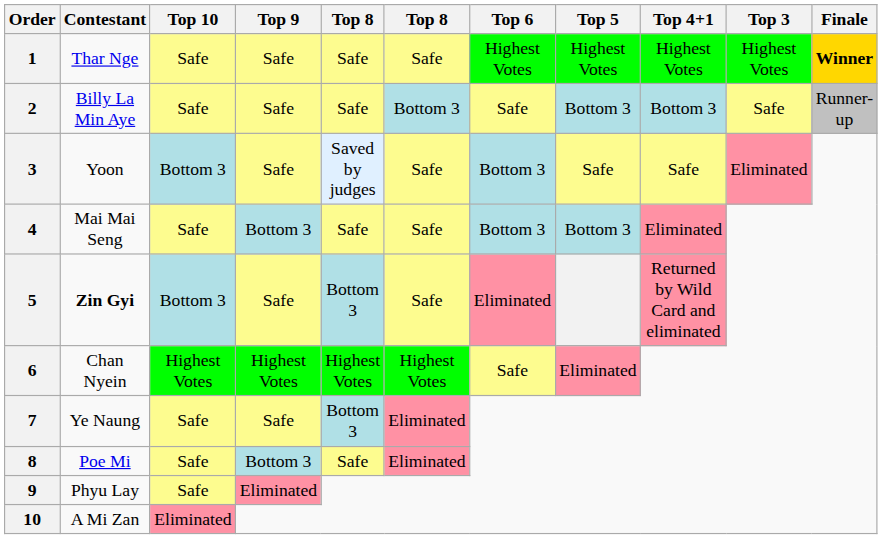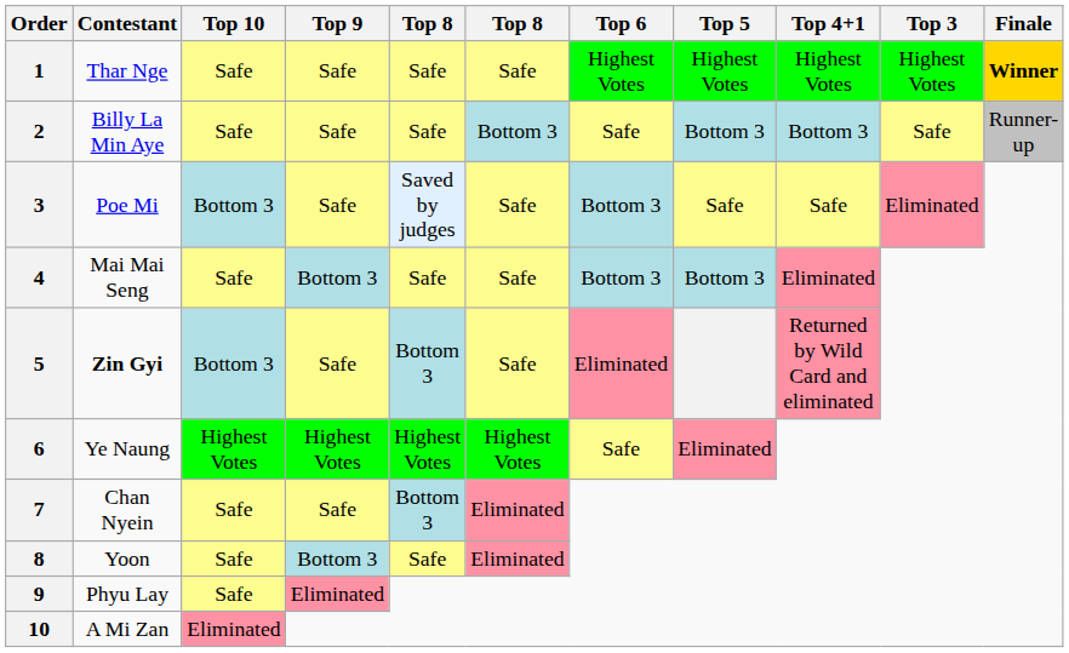 <table class="wikitable nowrap" style="text-align:center; font-size:95%; width:100%;">
 <tr>
 <th scope="col">Order</th>
 <th scope="col">Contestant</th>
 <th scope="col">Top 10</th>
 <th scope="col">Top 9</th>
 <th scope="col">Top 8</th>
 <th scope="col">Top 8</th>
 <th scope="col">Top 6</th>
 <th scope="col">Top 5</th>
 <th scope="col">Top 4+1</th>
 <th scope="col">Top 3</th>
 <th scope="col">Finale</th>
 </tr>
 <tr>
 <th>1</th>
 <td><a href='#'>Thar Nge</a></td>
 <td style="background:#FDFC8F;">Safe</td>
 <td style="background:#FDFC8F;">Safe</td>
 <td style="background:#FDFC8F;">Safe</td>
 <td style="background:#FDFC8F;">Safe</td>
 <td style="background:#00FF00;">Highest Votes</td>
 <td style="background:#00FF00;">Highest Votes</td>
 <td style="background:#00FF00;">Highest Votes</td>
 <td style="background:#00FF00;">Highest Votes</td>
 <td style="background:gold;"><strong>Winner</strong></td>
 </tr>
 <tr>
 <th>2</th>
 <td><a href='#'>Billy La Min Aye</a></td>
 <td style="background:#FDFC8F;">Safe</td>
 <td style="background:#FDFC8F;">Safe</td>
 <td style="background:#FDFC8F;">Safe</td>
 <td style="background:#B0E0E6;">Bottom 3</td>
 <td style="background:#FDFC8F;">Safe</td>
 <td style="background:#B0E0E6;">Bottom 3</td>
 <td style="background:#B0E0E6;">Bottom 3</td>
 <td style="background:#FDFC8F;">Safe</td>
 <td style="background:silver;">Runner-up</td>
 </tr>
 <tr>
 <th>3</th>
-<td>Yoon</td>
+<td><a href='#'>Poe Mi</a></td>
 <td style="background:#B0E0E6;">Bottom 3</td>
 <td style="background:#FDFC8F;">Safe</td>
 <td style="background:#e0f0ff;">Saved by judges</td>
 <td style="background:#FDFC8F;">Safe</td>
 <td style="background:#B0E0E6;">Bottom 3</td>
 <td style="background:#FDFC8F;">Safe</td>
 <td style="background:#FDFC8F;">Safe</td>
 <td style="background:#FF91A4;">Eliminated</td>
 </tr>
 <tr>
 <th>4</th>
 <td>Mai Mai Seng</td>
 <td style="background:#FDFC8F;">Safe</td>
 <td style="background:#B0E0E6;">Bottom 3</td>
 <td style="background:#FDFC8F;">Safe</td>
 <td style="background:#FDFC8F;">Safe</td>
 <td style="background:#B0E0E6;">Bottom 3</td>
 <td style="background:#B0E0E6;">Bottom 3</td>
 <td style="background:#FF91A4;">Eliminated</td>
 </tr>
 <tr>
 <th>5</th>
 <td><strong>Zin Gyi</strong></td>
 <td style="background:#B0E0E6;">Bottom 3</td>
 <td style="background:#FDFC8F;">Safe</td>
 <td style="background:#B0E0E6;">Bottom 3</td>
 <td style="background:#FDFC8F;">Safe</td>
 <td style="background:#FF91A4;">Eliminated</td>
 <th></th>
 <td style="background:#FF91A4;">Returned by Wild Card and eliminated</td>
 </tr>
 <tr>
 <th>6</th>
-<td>Chan Nyein</td>
+<td>Ye Naung</td>
 <td style="background:#00FF00;">Highest Votes</td>
 <td style="background:#00FF00;">Highest Votes</td>
 <td style="background:#00FF00;">Highest Votes</td>
 <td style="background:#00FF00;">Highest Votes</td>
 <td style="background:#FDFC8F;">Safe</td>
 <td style="background:#FF91A4;">Eliminated</td>
 </tr>
 <tr>
 <th>7</th>
-<td>Ye Naung</td>
+<td>Chan Nyein</td>
 <td style="background:#FDFC8F;">Safe</td>
 <td style="background:#FDFC8F;">Safe</td>
 <td style="background:#B0E0E6;">Bottom 3</td>
 <td style="background:#FF91A4;">Eliminated</td>
 </tr>
 <tr>
 <th>8</th>
-<td><a href='#'>Poe Mi</a></td>
+<td>Yoon</td>
 <td style="background:#FDFC8F;">Safe</td>
 <td style="background:#B0E0E6;">Bottom 3</td>
 <td style="background:#FDFC8F;">Safe</td>
 <td style="background:#FF91A4;">Eliminated</td>
 </tr>
 <tr>
 <th>9</th>
 <td>Phyu Lay</td>
 <td style="background:#FDFC8F;">Safe</td>
 <td style="background:#FF91A4;">Eliminated</td>
 </tr>
 <tr>
 <th>10</th>
 <td>A Mi Zan</td>
 <td style="background:#FF91A4;">Eliminated</td>
 </tr>
 </table>
